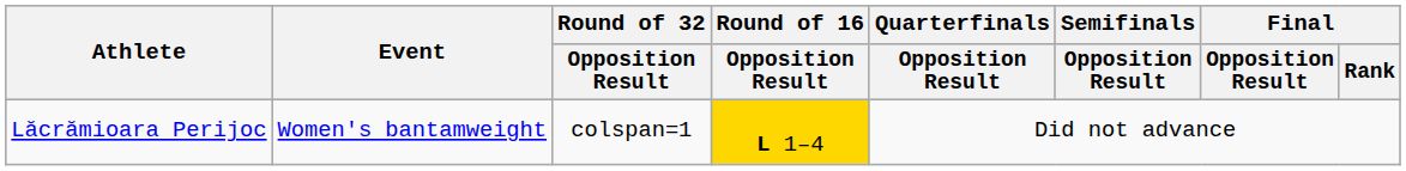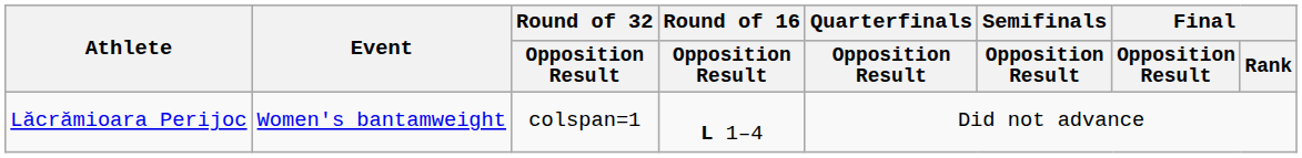 <table class="wikitable" style="font-size:90%">
 <tr>
 <th rowspan="2">Athlete</th>
 <th rowspan="2">Event</th>
 <th>Round of 32</th>
 <th>Round of 16</th>
 <th>Quarterfinals</th>
 <th>Semifinals</th>
 <th colspan=2>Final</th>
 </tr>
 <tr style="font-size:95%">
 <th>Opposition<br>Result</th>
 <th>Opposition<br>Result</th>
 <th>Opposition<br>Result</th>
 <th>Opposition<br>Result</th>
 <th>Opposition<br>Result</th>
 <th>Rank</th>
 </tr>
 <tr align=center>
 <td align=left><a href='#'>Lăcrămioara Perijoc</a></td>
 <td align=left><a href='#'>Women's bantamweight</a></td>
 <td>colspan=1 </td>
-<td {Nowrap style="background: gold;"> <br> <strong>L</strong> 1–4</td>
+<td {Nowrap> <br> <strong>L</strong> 1–4</td>
 <td colspan="4">Did not advance</td>
 </tr>
 </table>
